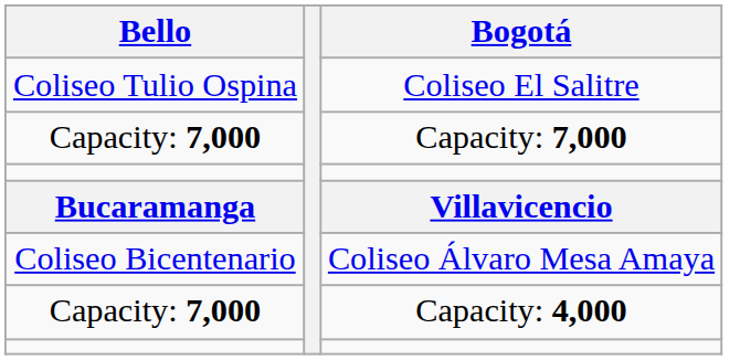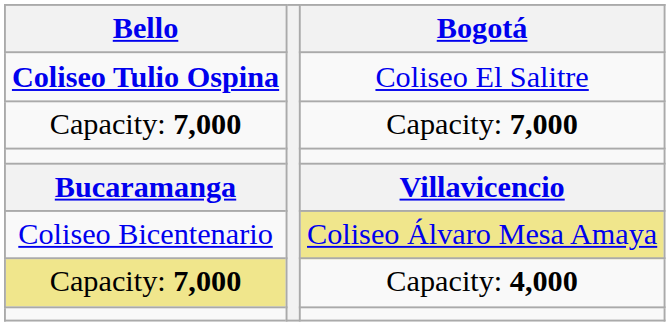 <table class="wikitable" style="text-align:center">
 <tr>
 <th><a href='#'>Bello</a></th>
 <th rowspan=8></th>
 <th><a href='#'>Bogotá</a></th>
 </tr>
 <tr>
-<td><a href='#'>Coliseo Tulio Ospina</a></td>
+<td><strong><a href='#'>Coliseo Tulio Ospina</a></strong></td>
 <td><a href='#'>Coliseo El Salitre</a></td>
 </tr>
 <tr>
 <td>Capacity: <strong>7,000</strong></td>
 <td>Capacity: <strong>7,000</strong></td>
 </tr>
 <tr>
 <td></td>
 <td align="center"></td>
 </tr>
 <tr>
 <th><a href='#'>Bucaramanga</a></th>
 <th><a href='#'>Villavicencio</a></th>
 </tr>
 <tr>
 <td><a href='#'>Coliseo Bicentenario</a></td>
-<td><a href='#'>Coliseo Álvaro Mesa Amaya</a></td>
+<td style="background: khaki;"><a href='#'>Coliseo Álvaro Mesa Amaya</a></td>
 </tr>
 <tr>
-<td>Capacity: <strong>7,000</strong></td>
+<td style="background: khaki;">Capacity: <strong>7,000</strong></td>
 <td>Capacity: <strong>4,000</strong></td>
 </tr>
 <tr>
 <td align="center"></td>
 <td></td>
 </tr>
 </table>
